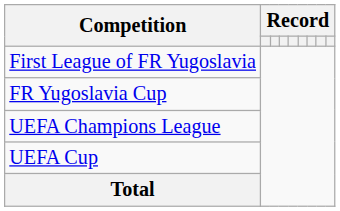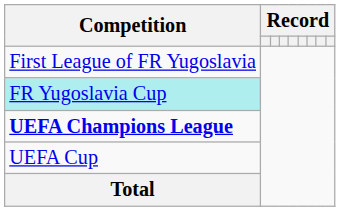 <table class="wikitable" style="text-align: left">
 <tr>
 <th rowspan=2>Competition</th>
 <th colspan=8>Record</th>
 </tr>
 <tr>
 <th></th>
 <th></th>
 <th></th>
 <th></th>
 <th></th>
 <th></th>
 <th></th>
 <th></th>
 </tr>
 <tr>
 <td><a href='#'>First League of FR Yugoslavia</a><br></td>
 </tr>
 <tr>
-<td><a href='#'>FR Yugoslavia Cup</a><br></td>
+<td style="background: paleturquoise;"><a href='#'>FR Yugoslavia Cup</a><br></td>
 </tr>
 <tr>
-<td><a href='#'>UEFA Champions League</a><br></td>
+<td><strong><a href='#'>UEFA Champions League</a><br></strong></td>
 </tr>
 <tr>
 <td><a href='#'>UEFA Cup</a><br></td>
 </tr>
 <tr>
 <th>Total<br></th>
 </tr>
 </table>
